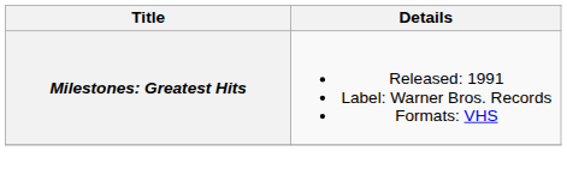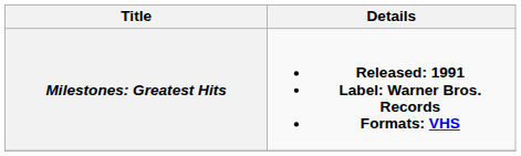 <table class="wikitable plainrowheaders" style="text-align:center;">
 <tr>
 <th style="width:17em;">Title</th>
 <th style="width:16em;">Details</th>
 </tr>
 <tr>
 <th scope="row"><em>Milestones: Greatest Hits</em></th>
-<td><br><ul><li>Released: 1991</li><li>Label: Warner Bros. Records</li><li>Formats: <a href='#'>VHS</a></li></ul></td>
+<td><strong><br><ul><li>Released: 1991</li><li>Label: Warner Bros. Records</li><li>Formats: <a href='#'>VHS</a></li></ul></strong></td>
 </tr>
 <tr>
 </tr>
 </table>
